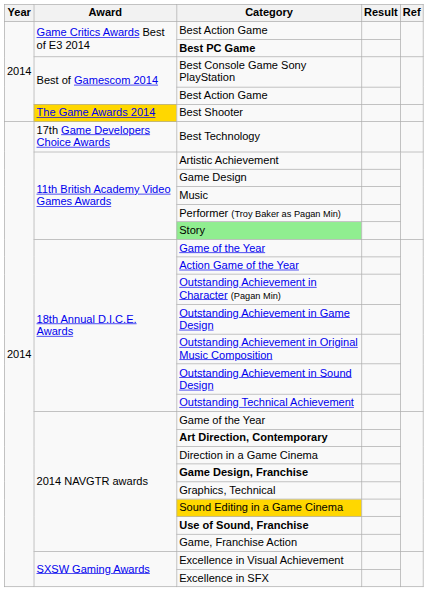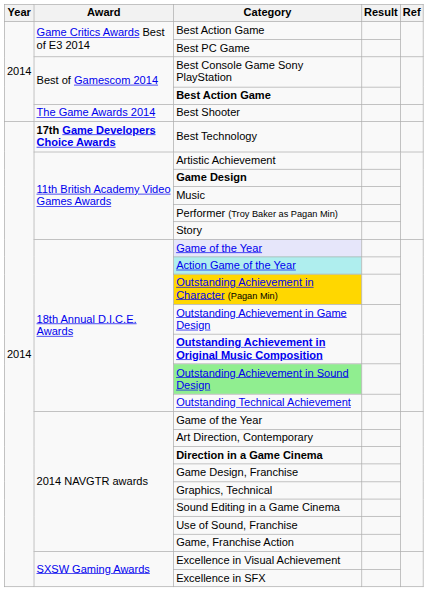 <table class="wikitable sortable">
 <tr>
 <th>Year</th>
 <th>Award</th>
 <th>Category</th>
 <th>Result</th>
 <th>Ref</th>
 </tr>
 <tr>
 <td rowspan="5">2014</td>
 <td rowspan="2"><a href='#'>Game Critics Awards</a> Best of E3 2014</td>
 <td>Best Action Game</td>
 <td></td>
 <td rowspan="2" style="text-align:center;"></td>
 </tr>
 <tr>
-<td><strong>Best PC Game</strong></td>
+<td>Best PC Game</td>
 <td></td>
 </tr>
 <tr>
 <td rowspan="2">Best of <a href='#'>Gamescom 2014</a></td>
 <td>Best Console Game Sony PlayStation</td>
 <td></td>
 <td rowspan="2" style="text-align:center;"></td>
 </tr>
 <tr>
-<td>Best Action Game</td>
+<td><strong>Best Action Game</strong></td>
 <td></td>
 </tr>
 <tr>
-<td style="background: gold;"><a href='#'>The Game Awards 2014</a></td>
+<td><a href='#'>The Game Awards 2014</a></td>
 <td>Best Shooter</td>
 <td></td>
 <td align="center"></td>
 </tr>
 <tr>
 <td rowspan="23">2014</td>
-<td>17th <a href='#'>Game Developers Choice Awards</a></td>
+<td><strong>17th <a href='#'>Game Developers Choice Awards</a></strong></td>
 <td>Best Technology</td>
 <td></td>
 <td align="center"></td>
 </tr>
 <tr>
 <td rowspan="5"><a href='#'>11th British Academy Video Games Awards</a></td>
 <td>Artistic Achievement</td>
 <td></td>
 <td rowspan="5" style="text-align:center;"></td>
 </tr>
 <tr>
-<td>Game Design</td>
+<td><strong>Game Design</strong></td>
 <td></td>
 </tr>
 <tr>
 <td>Music</td>
 <td></td>
 </tr>
 <tr>
 <td>Performer <small>(Troy Baker as Pagan Min)</small></td>
 <td></td>
 </tr>
 <tr>
-<td style="background: lightgreen;">Story</td>
+<td>Story</td>
 <td></td>
 </tr>
 <tr>
 <td rowspan="7"><a href='#'>18th Annual D.I.C.E. Awards</a></td>
-<td><a href='#'>Game of the Year</a></td>
+<td style="background: lavender;"><a href='#'>Game of the Year</a></td>
 <td></td>
 <td rowspan="7" style="text-align:center;"><br><br></td>
 </tr>
 <tr>
-<td><a href='#'>Action Game of the Year</a></td>
+<td style="background: paleturquoise;"><a href='#'>Action Game of the Year</a></td>
 <td></td>
 </tr>
 <tr>
-<td><a href='#'>Outstanding Achievement in Character</a> <small>(Pagan Min)</small></td>
+<td style="background: gold;"><a href='#'>Outstanding Achievement in Character</a> <small>(Pagan Min)</small></td>
 <td></td>
 </tr>
 <tr>
 <td><a href='#'>Outstanding Achievement in Game Design</a></td>
 <td></td>
 </tr>
 <tr>
-<td><a href='#'>Outstanding Achievement in Original Music Composition</a></td>
+<td><strong><a href='#'>Outstanding Achievement in Original Music Composition</a></strong></td>
 <td></td>
 </tr>
 <tr>
-<td><a href='#'>Outstanding Achievement in Sound Design</a></td>
+<td style="background: lightgreen;"><a href='#'>Outstanding Achievement in Sound Design</a></td>
 <td></td>
 </tr>
 <tr>
 <td><a href='#'>Outstanding Technical Achievement</a></td>
 <td></td>
 </tr>
 <tr>
 <td rowspan="8">2014 NAVGTR awards</td>
 <td>Game of the Year</td>
 <td></td>
 <td rowspan="8" style="text-align:center;"></td>
 </tr>
 <tr>
-<td><strong>Art Direction, Contemporary</strong></td>
+<td>Art Direction, Contemporary</td>
 <td></td>
 </tr>
 <tr>
-<td>Direction in a Game Cinema</td>
+<td><strong>Direction in a Game Cinema</strong></td>
 <td></td>
 </tr>
 <tr>
-<td><strong>Game Design, Franchise</strong></td>
+<td>Game Design, Franchise</td>
 <td></td>
 </tr>
 <tr>
 <td>Graphics, Technical</td>
 <td></td>
 </tr>
 <tr>
-<td style="background: gold;">Sound Editing in a Game Cinema</td>
+<td>Sound Editing in a Game Cinema</td>
 <td></td>
 </tr>
 <tr>
-<td><strong>Use of Sound, Franchise</strong></td>
+<td>Use of Sound, Franchise</td>
 <td></td>
 </tr>
 <tr>
 <td>Game, Franchise Action</td>
 <td></td>
 </tr>
 <tr>
 <td rowspan="2"><a href='#'>SXSW Gaming Awards</a></td>
 <td>Excellence in Visual Achievement</td>
 <td></td>
 <td rowspan="2" style="text-align:center;"><br></td>
 </tr>
 <tr>
 <td>Excellence in SFX</td>
 <td></td>
 </tr>
 </table>
